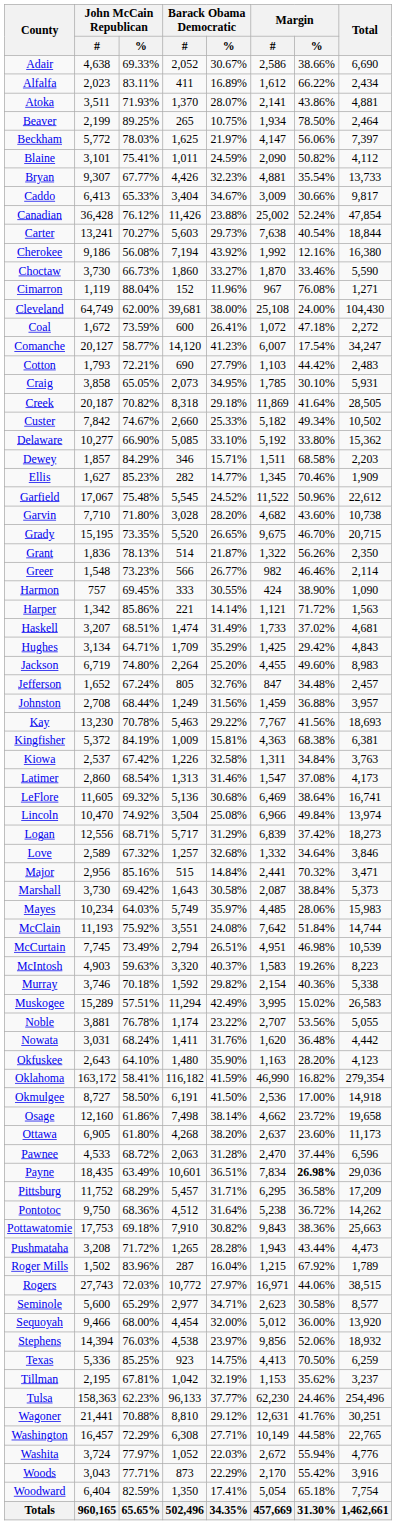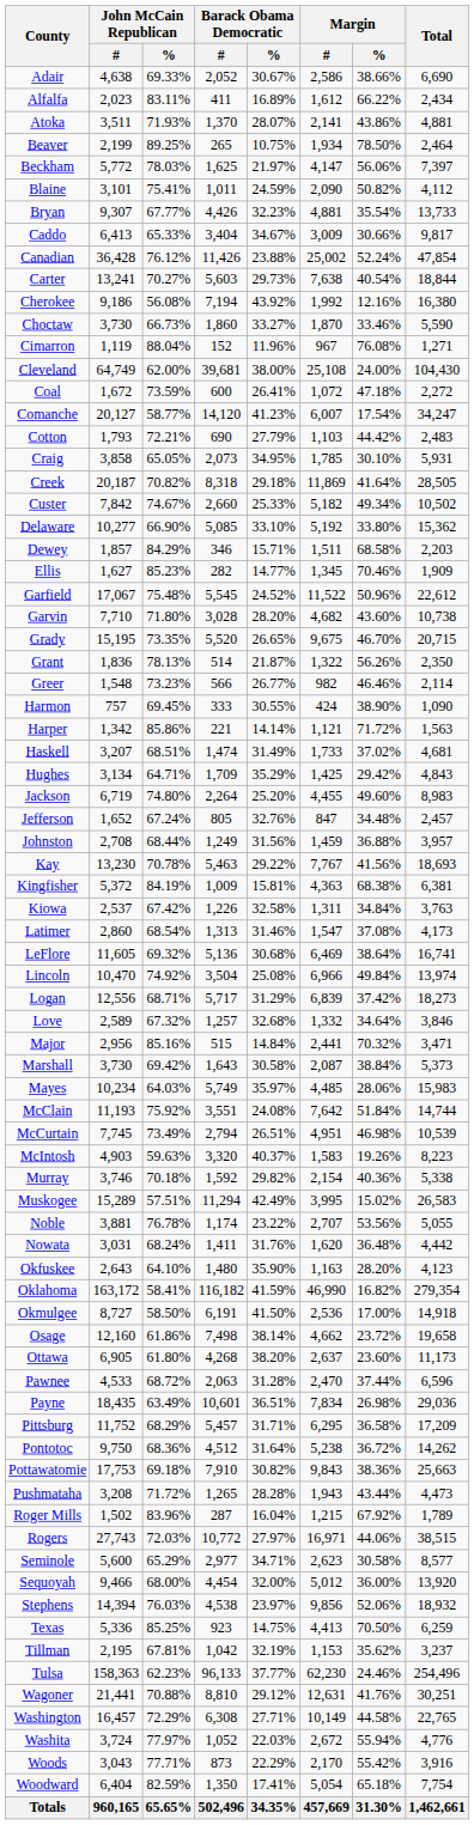 <table width="60%" class="wikitable sortable">
 <tr>
 <th rowspan="2">County</th>
 <th colspan="2">John McCain<br>Republican</th>
 <th colspan="2">Barack Obama<br>Democratic</th>
 <th colspan="2">Margin</th>
 <th rowspan="2">Total</th>
 </tr>
 <tr>
 <th style="text-align:center;" data-sort-type="number">#</th>
 <th style="text-align:center;" data-sort-type="number">%</th>
 <th style="text-align:center;" data-sort-type="number">#</th>
 <th style="text-align:center;" data-sort-type="number">%</th>
 <th style="text-align:center;" data-sort-type="number">#</th>
 <th style="text-align:center;" data-sort-type="number">%</th>
 </tr>
 <tr style="text-align:center;">
 <td><a href='#'>Adair</a></td>
 <td>4,638</td>
 <td>69.33%</td>
 <td>2,052</td>
 <td>30.67%</td>
 <td>2,586</td>
 <td>38.66%</td>
 <td>6,690</td>
 </tr>
 <tr style="text-align:center;">
 <td><a href='#'>Alfalfa</a></td>
 <td>2,023</td>
 <td>83.11%</td>
 <td>411</td>
 <td>16.89%</td>
 <td>1,612</td>
 <td>66.22%</td>
 <td>2,434</td>
 </tr>
 <tr style="text-align:center;">
 <td><a href='#'>Atoka</a></td>
 <td>3,511</td>
 <td>71.93%</td>
 <td>1,370</td>
 <td>28.07%</td>
 <td>2,141</td>
 <td>43.86%</td>
 <td>4,881</td>
 </tr>
 <tr style="text-align:center;">
 <td><a href='#'>Beaver</a></td>
 <td>2,199</td>
 <td>89.25%</td>
 <td>265</td>
 <td>10.75%</td>
 <td>1,934</td>
 <td>78.50%</td>
 <td>2,464</td>
 </tr>
 <tr style="text-align:center;">
 <td><a href='#'>Beckham</a></td>
 <td>5,772</td>
 <td>78.03%</td>
 <td>1,625</td>
 <td>21.97%</td>
 <td>4,147</td>
 <td>56.06%</td>
 <td>7,397</td>
 </tr>
 <tr style="text-align:center;">
 <td><a href='#'>Blaine</a></td>
 <td>3,101</td>
 <td>75.41%</td>
 <td>1,011</td>
 <td>24.59%</td>
 <td>2,090</td>
 <td>50.82%</td>
 <td>4,112</td>
 </tr>
 <tr style="text-align:center;">
 <td><a href='#'>Bryan</a></td>
 <td>9,307</td>
 <td>67.77%</td>
 <td>4,426</td>
 <td>32.23%</td>
 <td>4,881</td>
 <td>35.54%</td>
 <td>13,733</td>
 </tr>
 <tr style="text-align:center;">
 <td><a href='#'>Caddo</a></td>
 <td>6,413</td>
 <td>65.33%</td>
 <td>3,404</td>
 <td>34.67%</td>
 <td>3,009</td>
 <td>30.66%</td>
 <td>9,817</td>
 </tr>
 <tr style="text-align:center;">
 <td><a href='#'>Canadian</a></td>
 <td>36,428</td>
 <td>76.12%</td>
 <td>11,426</td>
 <td>23.88%</td>
 <td>25,002</td>
 <td>52.24%</td>
 <td>47,854</td>
 </tr>
 <tr style="text-align:center;">
 <td><a href='#'>Carter</a></td>
 <td>13,241</td>
 <td>70.27%</td>
 <td>5,603</td>
 <td>29.73%</td>
 <td>7,638</td>
 <td>40.54%</td>
 <td>18,844</td>
 </tr>
 <tr style="text-align:center;">
 <td><a href='#'>Cherokee</a></td>
 <td>9,186</td>
 <td>56.08%</td>
 <td>7,194</td>
 <td>43.92%</td>
 <td>1,992</td>
 <td>12.16%</td>
 <td>16,380</td>
 </tr>
 <tr style="text-align:center;">
 <td><a href='#'>Choctaw</a></td>
 <td>3,730</td>
 <td>66.73%</td>
 <td>1,860</td>
 <td>33.27%</td>
 <td>1,870</td>
 <td>33.46%</td>
 <td>5,590</td>
 </tr>
 <tr style="text-align:center;">
 <td><a href='#'>Cimarron</a></td>
 <td>1,119</td>
 <td>88.04%</td>
 <td>152</td>
 <td>11.96%</td>
 <td>967</td>
 <td>76.08%</td>
 <td>1,271</td>
 </tr>
 <tr style="text-align:center;">
 <td><a href='#'>Cleveland</a></td>
 <td>64,749</td>
 <td>62.00%</td>
 <td>39,681</td>
 <td>38.00%</td>
 <td>25,108</td>
 <td>24.00%</td>
 <td>104,430</td>
 </tr>
 <tr style="text-align:center;">
 <td><a href='#'>Coal</a></td>
 <td>1,672</td>
 <td>73.59%</td>
 <td>600</td>
 <td>26.41%</td>
 <td>1,072</td>
 <td>47.18%</td>
 <td>2,272</td>
 </tr>
 <tr style="text-align:center;">
 <td><a href='#'>Comanche</a></td>
 <td>20,127</td>
 <td>58.77%</td>
 <td>14,120</td>
 <td>41.23%</td>
 <td>6,007</td>
 <td>17.54%</td>
 <td>34,247</td>
 </tr>
 <tr style="text-align:center;">
 <td><a href='#'>Cotton</a></td>
 <td>1,793</td>
 <td>72.21%</td>
 <td>690</td>
 <td>27.79%</td>
 <td>1,103</td>
 <td>44.42%</td>
 <td>2,483</td>
 </tr>
 <tr style="text-align:center;">
 <td><a href='#'>Craig</a></td>
 <td>3,858</td>
 <td>65.05%</td>
 <td>2,073</td>
 <td>34.95%</td>
 <td>1,785</td>
 <td>30.10%</td>
 <td>5,931</td>
 </tr>
 <tr style="text-align:center;">
 <td><a href='#'>Creek</a></td>
 <td>20,187</td>
 <td>70.82%</td>
 <td>8,318</td>
 <td>29.18%</td>
 <td>11,869</td>
 <td>41.64%</td>
 <td>28,505</td>
 </tr>
 <tr style="text-align:center;">
 <td><a href='#'>Custer</a></td>
 <td>7,842</td>
 <td>74.67%</td>
 <td>2,660</td>
 <td>25.33%</td>
 <td>5,182</td>
 <td>49.34%</td>
 <td>10,502</td>
 </tr>
 <tr style="text-align:center;">
 <td><a href='#'>Delaware</a></td>
 <td>10,277</td>
 <td>66.90%</td>
 <td>5,085</td>
 <td>33.10%</td>
 <td>5,192</td>
 <td>33.80%</td>
 <td>15,362</td>
 </tr>
 <tr style="text-align:center;">
 <td><a href='#'>Dewey</a></td>
 <td>1,857</td>
 <td>84.29%</td>
 <td>346</td>
 <td>15.71%</td>
 <td>1,511</td>
 <td>68.58%</td>
 <td>2,203</td>
 </tr>
 <tr style="text-align:center;">
 <td><a href='#'>Ellis</a></td>
 <td>1,627</td>
 <td>85.23%</td>
 <td>282</td>
 <td>14.77%</td>
 <td>1,345</td>
 <td>70.46%</td>
 <td>1,909</td>
 </tr>
 <tr style="text-align:center;">
 <td><a href='#'>Garfield</a></td>
 <td>17,067</td>
 <td>75.48%</td>
 <td>5,545</td>
 <td>24.52%</td>
 <td>11,522</td>
 <td>50.96%</td>
 <td>22,612</td>
 </tr>
 <tr style="text-align:center;">
 <td><a href='#'>Garvin</a></td>
 <td>7,710</td>
 <td>71.80%</td>
 <td>3,028</td>
 <td>28.20%</td>
 <td>4,682</td>
 <td>43.60%</td>
 <td>10,738</td>
 </tr>
 <tr style="text-align:center;">
 <td><a href='#'>Grady</a></td>
 <td>15,195</td>
 <td>73.35%</td>
 <td>5,520</td>
 <td>26.65%</td>
 <td>9,675</td>
 <td>46.70%</td>
 <td>20,715</td>
 </tr>
 <tr style="text-align:center;">
 <td><a href='#'>Grant</a></td>
 <td>1,836</td>
 <td>78.13%</td>
 <td>514</td>
 <td>21.87%</td>
 <td>1,322</td>
 <td>56.26%</td>
 <td>2,350</td>
 </tr>
 <tr style="text-align:center;">
 <td><a href='#'>Greer</a></td>
 <td>1,548</td>
 <td>73.23%</td>
 <td>566</td>
 <td>26.77%</td>
 <td>982</td>
 <td>46.46%</td>
 <td>2,114</td>
 </tr>
 <tr style="text-align:center;">
 <td><a href='#'>Harmon</a></td>
 <td>757</td>
 <td>69.45%</td>
 <td>333</td>
 <td>30.55%</td>
 <td>424</td>
 <td>38.90%</td>
 <td>1,090</td>
 </tr>
 <tr style="text-align:center;">
 <td><a href='#'>Harper</a></td>
 <td>1,342</td>
 <td>85.86%</td>
 <td>221</td>
 <td>14.14%</td>
 <td>1,121</td>
 <td>71.72%</td>
 <td>1,563</td>
 </tr>
 <tr style="text-align:center;">
 <td><a href='#'>Haskell</a></td>
 <td>3,207</td>
 <td>68.51%</td>
 <td>1,474</td>
 <td>31.49%</td>
 <td>1,733</td>
 <td>37.02%</td>
 <td>4,681</td>
 </tr>
 <tr style="text-align:center;">
 <td><a href='#'>Hughes</a></td>
 <td>3,134</td>
 <td>64.71%</td>
 <td>1,709</td>
 <td>35.29%</td>
 <td>1,425</td>
 <td>29.42%</td>
 <td>4,843</td>
 </tr>
 <tr style="text-align:center;">
 <td><a href='#'>Jackson</a></td>
 <td>6,719</td>
 <td>74.80%</td>
 <td>2,264</td>
 <td>25.20%</td>
 <td>4,455</td>
 <td>49.60%</td>
 <td>8,983</td>
 </tr>
 <tr style="text-align:center;">
 <td><a href='#'>Jefferson</a></td>
 <td>1,652</td>
 <td>67.24%</td>
 <td>805</td>
 <td>32.76%</td>
 <td>847</td>
 <td>34.48%</td>
 <td>2,457</td>
 </tr>
 <tr style="text-align:center;">
 <td><a href='#'>Johnston</a></td>
 <td>2,708</td>
 <td>68.44%</td>
 <td>1,249</td>
 <td>31.56%</td>
 <td>1,459</td>
 <td>36.88%</td>
 <td>3,957</td>
 </tr>
 <tr style="text-align:center;">
 <td><a href='#'>Kay</a></td>
 <td>13,230</td>
 <td>70.78%</td>
 <td>5,463</td>
 <td>29.22%</td>
 <td>7,767</td>
 <td>41.56%</td>
 <td>18,693</td>
 </tr>
 <tr style="text-align:center;">
 <td><a href='#'>Kingfisher</a></td>
 <td>5,372</td>
 <td>84.19%</td>
 <td>1,009</td>
 <td>15.81%</td>
 <td>4,363</td>
 <td>68.38%</td>
 <td>6,381</td>
 </tr>
 <tr style="text-align:center;">
 <td><a href='#'>Kiowa</a></td>
 <td>2,537</td>
 <td>67.42%</td>
 <td>1,226</td>
 <td>32.58%</td>
 <td>1,311</td>
 <td>34.84%</td>
 <td>3,763</td>
 </tr>
 <tr style="text-align:center;">
 <td><a href='#'>Latimer</a></td>
 <td>2,860</td>
 <td>68.54%</td>
 <td>1,313</td>
 <td>31.46%</td>
 <td>1,547</td>
 <td>37.08%</td>
 <td>4,173</td>
 </tr>
 <tr style="text-align:center;">
 <td><a href='#'>LeFlore</a></td>
 <td>11,605</td>
 <td>69.32%</td>
 <td>5,136</td>
 <td>30.68%</td>
 <td>6,469</td>
 <td>38.64%</td>
 <td>16,741</td>
 </tr>
 <tr style="text-align:center;">
 <td><a href='#'>Lincoln</a></td>
 <td>10,470</td>
 <td>74.92%</td>
 <td>3,504</td>
 <td>25.08%</td>
 <td>6,966</td>
 <td>49.84%</td>
 <td>13,974</td>
 </tr>
 <tr style="text-align:center;">
 <td><a href='#'>Logan</a></td>
 <td>12,556</td>
 <td>68.71%</td>
 <td>5,717</td>
 <td>31.29%</td>
 <td>6,839</td>
 <td>37.42%</td>
 <td>18,273</td>
 </tr>
 <tr style="text-align:center;">
 <td><a href='#'>Love</a></td>
 <td>2,589</td>
 <td>67.32%</td>
 <td>1,257</td>
 <td>32.68%</td>
 <td>1,332</td>
 <td>34.64%</td>
 <td>3,846</td>
 </tr>
 <tr style="text-align:center;">
 <td><a href='#'>Major</a></td>
 <td>2,956</td>
 <td>85.16%</td>
 <td>515</td>
 <td>14.84%</td>
 <td>2,441</td>
 <td>70.32%</td>
 <td>3,471</td>
 </tr>
 <tr style="text-align:center;">
 <td><a href='#'>Marshall</a></td>
 <td>3,730</td>
 <td>69.42%</td>
 <td>1,643</td>
 <td>30.58%</td>
 <td>2,087</td>
 <td>38.84%</td>
 <td>5,373</td>
 </tr>
 <tr style="text-align:center;">
 <td><a href='#'>Mayes</a></td>
 <td>10,234</td>
 <td>64.03%</td>
 <td>5,749</td>
 <td>35.97%</td>
 <td>4,485</td>
 <td>28.06%</td>
 <td>15,983</td>
 </tr>
 <tr style="text-align:center;">
 <td><a href='#'>McClain</a></td>
 <td>11,193</td>
 <td>75.92%</td>
 <td>3,551</td>
 <td>24.08%</td>
 <td>7,642</td>
 <td>51.84%</td>
 <td>14,744</td>
 </tr>
 <tr style="text-align:center;">
 <td><a href='#'>McCurtain</a></td>
 <td>7,745</td>
 <td>73.49%</td>
 <td>2,794</td>
 <td>26.51%</td>
 <td>4,951</td>
 <td>46.98%</td>
 <td>10,539</td>
 </tr>
 <tr style="text-align:center;">
 <td><a href='#'>McIntosh</a></td>
 <td>4,903</td>
 <td>59.63%</td>
 <td>3,320</td>
 <td>40.37%</td>
 <td>1,583</td>
 <td>19.26%</td>
 <td>8,223</td>
 </tr>
 <tr style="text-align:center;">
 <td><a href='#'>Murray</a></td>
 <td>3,746</td>
 <td>70.18%</td>
 <td>1,592</td>
 <td>29.82%</td>
 <td>2,154</td>
 <td>40.36%</td>
 <td>5,338</td>
 </tr>
 <tr style="text-align:center;">
 <td><a href='#'>Muskogee</a></td>
 <td>15,289</td>
 <td>57.51%</td>
 <td>11,294</td>
 <td>42.49%</td>
 <td>3,995</td>
 <td>15.02%</td>
 <td>26,583</td>
 </tr>
 <tr style="text-align:center;">
 <td><a href='#'>Noble</a></td>
 <td>3,881</td>
 <td>76.78%</td>
 <td>1,174</td>
 <td>23.22%</td>
 <td>2,707</td>
 <td>53.56%</td>
 <td>5,055</td>
 </tr>
 <tr style="text-align:center;">
 <td><a href='#'>Nowata</a></td>
 <td>3,031</td>
 <td>68.24%</td>
 <td>1,411</td>
 <td>31.76%</td>
 <td>1,620</td>
 <td>36.48%</td>
 <td>4,442</td>
 </tr>
 <tr style="text-align:center;">
 <td><a href='#'>Okfuskee</a></td>
 <td>2,643</td>
 <td>64.10%</td>
 <td>1,480</td>
 <td>35.90%</td>
 <td>1,163</td>
 <td>28.20%</td>
 <td>4,123</td>
 </tr>
 <tr style="text-align:center;">
 <td><a href='#'>Oklahoma</a></td>
 <td>163,172</td>
 <td>58.41%</td>
 <td>116,182</td>
 <td>41.59%</td>
 <td>46,990</td>
 <td>16.82%</td>
 <td>279,354</td>
 </tr>
 <tr style="text-align:center;">
 <td><a href='#'>Okmulgee</a></td>
 <td>8,727</td>
 <td>58.50%</td>
 <td>6,191</td>
 <td>41.50%</td>
 <td>2,536</td>
 <td>17.00%</td>
 <td>14,918</td>
 </tr>
 <tr style="text-align:center;">
 <td><a href='#'>Osage</a></td>
 <td>12,160</td>
 <td>61.86%</td>
 <td>7,498</td>
 <td>38.14%</td>
 <td>4,662</td>
 <td>23.72%</td>
 <td>19,658</td>
 </tr>
 <tr style="text-align:center;">
 <td><a href='#'>Ottawa</a></td>
 <td>6,905</td>
 <td>61.80%</td>
 <td>4,268</td>
 <td>38.20%</td>
 <td>2,637</td>
 <td>23.60%</td>
 <td>11,173</td>
 </tr>
 <tr style="text-align:center;">
 <td><a href='#'>Pawnee</a></td>
 <td>4,533</td>
 <td>68.72%</td>
 <td>2,063</td>
 <td>31.28%</td>
 <td>2,470</td>
 <td>37.44%</td>
 <td>6,596</td>
 </tr>
 <tr style="text-align:center;">
 <td><a href='#'>Payne</a></td>
 <td>18,435</td>
 <td>63.49%</td>
 <td>10,601</td>
 <td>36.51%</td>
 <td>7,834</td>
-<td><strong>26.98%</strong></td>
+<td>26.98%</td>
 <td>29,036</td>
 </tr>
 <tr style="text-align:center;">
 <td><a href='#'>Pittsburg</a></td>
 <td>11,752</td>
 <td>68.29%</td>
 <td>5,457</td>
 <td>31.71%</td>
 <td>6,295</td>
 <td>36.58%</td>
 <td>17,209</td>
 </tr>
 <tr style="text-align:center;">
 <td><a href='#'>Pontotoc</a></td>
 <td>9,750</td>
 <td>68.36%</td>
 <td>4,512</td>
 <td>31.64%</td>
 <td>5,238</td>
 <td>36.72%</td>
 <td>14,262</td>
 </tr>
 <tr style="text-align:center;">
 <td><a href='#'>Pottawatomie</a></td>
 <td>17,753</td>
 <td>69.18%</td>
 <td>7,910</td>
 <td>30.82%</td>
 <td>9,843</td>
 <td>38.36%</td>
 <td>25,663</td>
 </tr>
 <tr style="text-align:center;">
 <td><a href='#'>Pushmataha</a></td>
 <td>3,208</td>
 <td>71.72%</td>
 <td>1,265</td>
 <td>28.28%</td>
 <td>1,943</td>
 <td>43.44%</td>
 <td>4,473</td>
 </tr>
 <tr style="text-align:center;">
 <td><a href='#'>Roger Mills</a></td>
 <td>1,502</td>
 <td>83.96%</td>
 <td>287</td>
 <td>16.04%</td>
 <td>1,215</td>
 <td>67.92%</td>
 <td>1,789</td>
 </tr>
 <tr style="text-align:center;">
 <td><a href='#'>Rogers</a></td>
 <td>27,743</td>
 <td>72.03%</td>
 <td>10,772</td>
 <td>27.97%</td>
 <td>16,971</td>
 <td>44.06%</td>
 <td>38,515</td>
 </tr>
 <tr style="text-align:center;">
 <td><a href='#'>Seminole</a></td>
 <td>5,600</td>
 <td>65.29%</td>
 <td>2,977</td>
 <td>34.71%</td>
 <td>2,623</td>
 <td>30.58%</td>
 <td>8,577</td>
 </tr>
 <tr style="text-align:center;">
 <td><a href='#'>Sequoyah</a></td>
 <td>9,466</td>
 <td>68.00%</td>
 <td>4,454</td>
 <td>32.00%</td>
 <td>5,012</td>
 <td>36.00%</td>
 <td>13,920</td>
 </tr>
 <tr style="text-align:center;">
 <td><a href='#'>Stephens</a></td>
 <td>14,394</td>
 <td>76.03%</td>
 <td>4,538</td>
 <td>23.97%</td>
 <td>9,856</td>
 <td>52.06%</td>
 <td>18,932</td>
 </tr>
 <tr style="text-align:center;">
 <td><a href='#'>Texas</a></td>
 <td>5,336</td>
 <td>85.25%</td>
 <td>923</td>
 <td>14.75%</td>
 <td>4,413</td>
 <td>70.50%</td>
 <td>6,259</td>
 </tr>
 <tr style="text-align:center;">
 <td><a href='#'>Tillman</a></td>
 <td>2,195</td>
 <td>67.81%</td>
 <td>1,042</td>
 <td>32.19%</td>
 <td>1,153</td>
 <td>35.62%</td>
 <td>3,237</td>
 </tr>
 <tr style="text-align:center;">
 <td><a href='#'>Tulsa</a></td>
 <td>158,363</td>
 <td>62.23%</td>
 <td>96,133</td>
 <td>37.77%</td>
 <td>62,230</td>
 <td>24.46%</td>
 <td>254,496</td>
 </tr>
 <tr style="text-align:center;">
 <td><a href='#'>Wagoner</a></td>
 <td>21,441</td>
 <td>70.88%</td>
 <td>8,810</td>
 <td>29.12%</td>
 <td>12,631</td>
 <td>41.76%</td>
 <td>30,251</td>
 </tr>
 <tr style="text-align:center;">
 <td><a href='#'>Washington</a></td>
 <td>16,457</td>
 <td>72.29%</td>
 <td>6,308</td>
 <td>27.71%</td>
 <td>10,149</td>
 <td>44.58%</td>
 <td>22,765</td>
 </tr>
 <tr style="text-align:center;">
 <td><a href='#'>Washita</a></td>
 <td>3,724</td>
 <td>77.97%</td>
 <td>1,052</td>
 <td>22.03%</td>
 <td>2,672</td>
 <td>55.94%</td>
 <td>4,776</td>
 </tr>
 <tr style="text-align:center;">
 <td><a href='#'>Woods</a></td>
 <td>3,043</td>
 <td>77.71%</td>
 <td>873</td>
 <td>22.29%</td>
 <td>2,170</td>
 <td>55.42%</td>
 <td>3,916</td>
 </tr>
 <tr style="text-align:center;">
 <td><a href='#'>Woodward</a></td>
 <td>6,404</td>
 <td>82.59%</td>
 <td>1,350</td>
 <td>17.41%</td>
 <td>5,054</td>
 <td>65.18%</td>
 <td>7,754</td>
 </tr>
 <tr>
 <th>Totals</th>
 <th>960,165</th>
 <th>65.65%</th>
 <th>502,496</th>
 <th>34.35%</th>
 <th>457,669</th>
 <th>31.30%</th>
 <th>1,462,661</th>
 </tr>
 </table>
